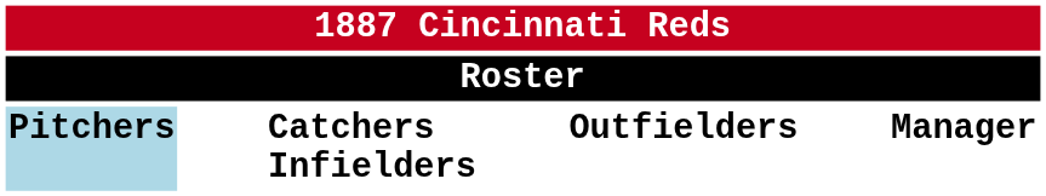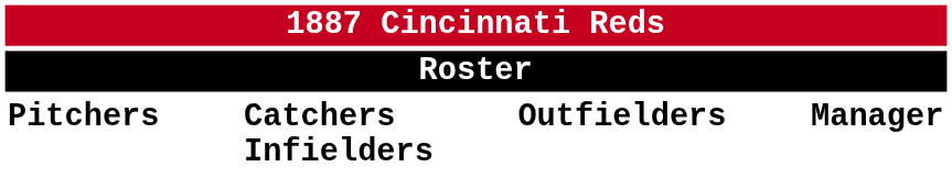 <table class="toccolours" style="font-size: 95%;">
 <tr>
 <th colspan="10" style="background-color: #c6011f; color: white; text-align: center;">1887 Cincinnati Reds</th>
 </tr>
 <tr>
 <td colspan="10" style="background-color: black; color: white; text-align: center;"><strong>Roster</strong></td>
 </tr>
 <tr>
-<td valign="top" style="background: lightblue;"><strong>Pitchers</strong><br>      </td>
+<td valign="top"><strong>Pitchers</strong><br>      </td>
 <td width="25px"></td>
 <td valign="top"><strong>Catchers</strong><br>  <strong>Infielders</strong>     </td>
 <td width="25px"></td>
 <td valign="top"><strong>Outfielders</strong><br>    </td>
 <td width="25px"></td>
 <td valign="top"><strong>Manager</strong><br></td>
 </tr>
 </table>
